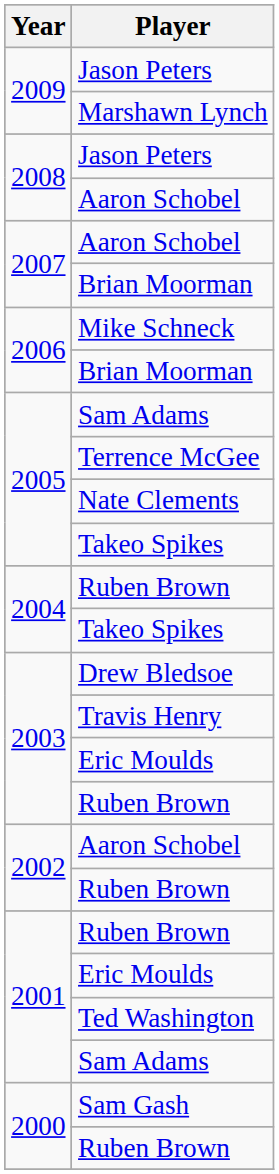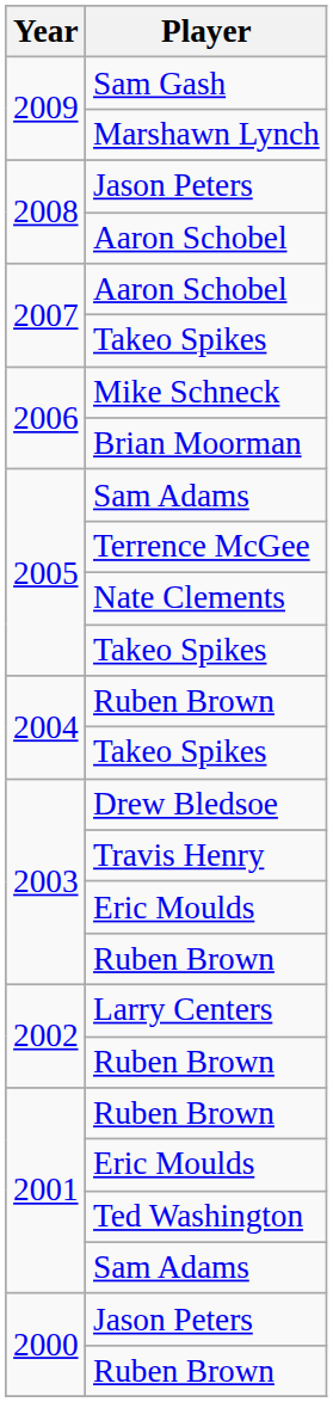 <table class="wikitable">
 <tr>
 <th>Year</th>
 <th>Player</th>
 </tr>
 <tr>
 <td rowspan="2"><a href='#'>2009</a></td>
-<td><a href='#'>Jason Peters</a></td>
+<td><a href='#'>Sam Gash</a></td>
 </tr>
 <tr>
 <td><a href='#'>Marshawn Lynch</a></td>
 </tr>
 <tr>
 <td rowspan="2"><a href='#'>2008</a></td>
 <td><a href='#'>Jason Peters</a></td>
 </tr>
 <tr>
 <td><a href='#'>Aaron Schobel</a></td>
 </tr>
 <tr>
 <td rowspan="2"><a href='#'>2007</a></td>
 <td><a href='#'>Aaron Schobel</a></td>
 </tr>
 <tr>
-<td><a href='#'>Brian Moorman</a></td>
+<td><a href='#'>Takeo Spikes</a></td>
 </tr>
 <tr>
 <td rowspan="2"><a href='#'>2006</a></td>
 <td><a href='#'>Mike Schneck</a></td>
 </tr>
 <tr>
 <td><a href='#'>Brian Moorman</a></td>
 </tr>
 <tr>
 <td rowspan="4"><a href='#'>2005</a></td>
 <td><a href='#'>Sam Adams</a></td>
 </tr>
 <tr>
 <td><a href='#'>Terrence McGee</a></td>
 </tr>
 <tr>
 <td><a href='#'>Nate Clements</a></td>
 </tr>
 <tr>
 <td><a href='#'>Takeo Spikes</a></td>
 </tr>
 <tr>
 <td rowspan="2"><a href='#'>2004</a></td>
 <td><a href='#'>Ruben Brown</a></td>
 </tr>
 <tr>
 <td><a href='#'>Takeo Spikes</a></td>
 </tr>
 <tr>
 <td rowspan="4"><a href='#'>2003</a></td>
 <td><a href='#'>Drew Bledsoe</a></td>
 </tr>
 <tr>
 <td><a href='#'>Travis Henry</a></td>
 </tr>
 <tr>
 <td><a href='#'>Eric Moulds</a></td>
 </tr>
 <tr>
 <td><a href='#'>Ruben Brown</a></td>
 </tr>
 <tr>
 <td rowspan="2"><a href='#'>2002</a></td>
-<td><a href='#'>Aaron Schobel</a></td>
+<td><a href='#'>Larry Centers</a></td>
 </tr>
 <tr>
 <td><a href='#'>Ruben Brown</a></td>
 </tr>
 <tr>
 <td rowspan="4"><a href='#'>2001</a></td>
 <td><a href='#'>Ruben Brown</a></td>
 </tr>
 <tr>
 <td><a href='#'>Eric Moulds</a></td>
 </tr>
 <tr>
 <td><a href='#'>Ted Washington</a></td>
 </tr>
 <tr>
 <td><a href='#'>Sam Adams</a></td>
 </tr>
 <tr>
 <td rowspan="2"><a href='#'>2000</a></td>
-<td><a href='#'>Sam Gash</a></td>
+<td><a href='#'>Jason Peters</a></td>
 </tr>
 <tr>
 <td><a href='#'>Ruben Brown</a></td>
 </tr>
 <tr>
 </tr>
 </table>
